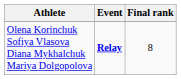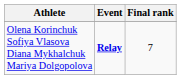 <table class="wikitable" style="font-size:90%">
 <tr>
 <th>Athlete</th>
 <th>Event</th>
 <th>Final rank</th>
 </tr>
 <tr style="font-size:95%">
 </tr>
 <tr align=center>
 <td align=left><a href='#'>Olena Korinchuk</a><br><a href='#'>Sofiya Vlasova</a><br><a href='#'>Diana Mykhalchuk</a><br><a href='#'>Mariya Dolgopolova</a></td>
 <td align=left><strong><a href='#'>Relay</a></strong></td>
-<td>8</td>
+<td>7</td>
 </tr>
 </table>
